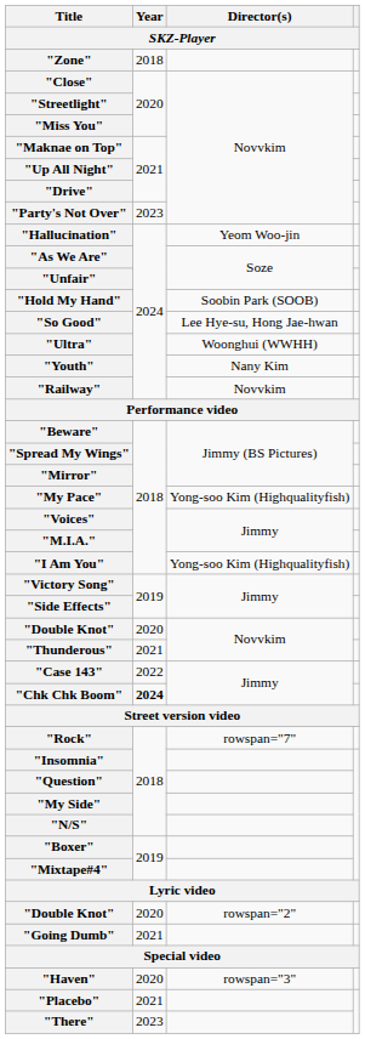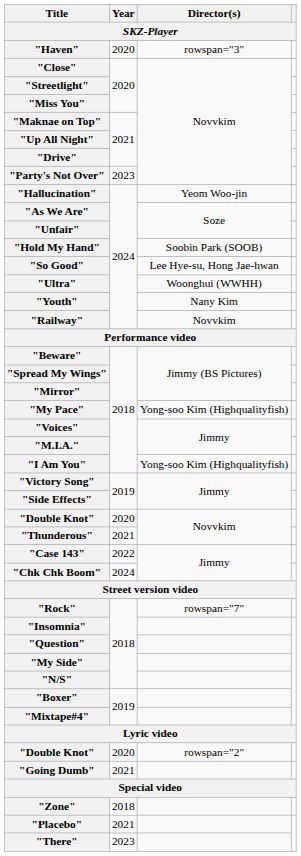 <table class="wikitable plainrowheaders" style="text-align:center">
 <tr>
 <th>Title</th>
 <th>Year</th>
 <th>Director(s)</th>
 <th></th>
 </tr>
 <tr>
 <th colspan="4"><em>SKZ-Player</em></th>
 </tr>
 <tr>
-<th scope="row">"Zone"</th>
-<td>2018</td>
-<td></td>
+<th scope="row">"Haven"</th>
+<td>2020</td>
+<td>rowspan="3" </td>
 <td></td>
 </tr>
 <tr>
 <th scope="row">"Close"</th>
 <td rowspan="3">2020</td>
 <td rowspan="7">Novvkim</td>
 <td></td>
 </tr>
 <tr>
 <th scope="row">"Streetlight"</th>
 <td></td>
 </tr>
 <tr>
 <th scope="row">"Miss You"</th>
 <td></td>
 </tr>
 <tr>
 <th scope="row">"Maknae on Top"</th>
 <td rowspan="3">2021</td>
 <td></td>
 </tr>
 <tr>
 <th scope="row">"Up All Night"</th>
 <td></td>
 </tr>
 <tr>
 <th scope="row">"Drive"</th>
 <td></td>
 </tr>
 <tr>
 <th scope="row">"Party's Not Over"</th>
 <td>2023</td>
 <td></td>
 </tr>
 <tr>
 <th scope="row">"Hallucination"</th>
 <td rowspan="8">2024</td>
 <td>Yeom Woo-jin</td>
 <td></td>
 </tr>
 <tr>
 <th scope="row">"As We Are"</th>
 <td rowspan="2">Soze</td>
 <td></td>
 </tr>
 <tr>
 <th scope="row">"Unfair"</th>
 <td></td>
 </tr>
 <tr>
 <th scope="row">"Hold My Hand"</th>
 <td>Soobin Park (SOOB)</td>
 <td></td>
 </tr>
 <tr>
 <th scope="row">"So Good"</th>
 <td>Lee Hye-su, Hong Jae-hwan</td>
 <td></td>
 </tr>
 <tr>
 <th scope="row">"Ultra"</th>
 <td>Woonghui (WWHH)</td>
 <td></td>
 </tr>
 <tr>
 <th scope="row">"Youth"</th>
 <td>Nany Kim</td>
 <td></td>
 </tr>
 <tr>
 <th scope="row">"Railway"</th>
 <td>Novvkim</td>
 <td></td>
 </tr>
 <tr>
 <th colspan="4">Performance video</th>
 </tr>
 <tr>
 <th scope="row">"Beware"</th>
 <td rowspan="7">2018</td>
 <td rowspan="3">Jimmy (BS Pictures)</td>
 <td></td>
 </tr>
 <tr>
 <th scope="row">"Spread My Wings"</th>
 <td></td>
 </tr>
 <tr>
 <th scope="row">"Mirror"</th>
 <td></td>
 </tr>
 <tr>
 <th scope="row">"My Pace" </th>
 <td>Yong-soo Kim (Highqualityfish)</td>
 <td></td>
 </tr>
 <tr>
 <th scope="row">"Voices"</th>
 <td rowspan="2">Jimmy</td>
 <td></td>
 </tr>
 <tr>
 <th scope="row">"M.I.A."</th>
 <td></td>
 </tr>
 <tr>
 <th scope="row">"I Am You" </th>
 <td>Yong-soo Kim (Highqualityfish)</td>
 <td></td>
 </tr>
 <tr>
 <th scope="row">"Victory Song"</th>
 <td rowspan="2">2019</td>
 <td rowspan="2">Jimmy</td>
 <td></td>
 </tr>
 <tr>
 <th scope="row">"Side Effects" </th>
 <td></td>
 </tr>
 <tr>
 <th scope="row">"Double Knot" </th>
 <td>2020</td>
 <td rowspan="2">Novvkim</td>
 <td></td>
 </tr>
 <tr>
 <th scope="row">"Thunderous" </th>
 <td>2021</td>
 <td></td>
 </tr>
 <tr>
 <th scope="row">"Case 143" </th>
 <td>2022</td>
 <td rowspan="2">Jimmy</td>
 <td></td>
 </tr>
 <tr>
 <th scope="row">"Chk Chk Boom" </th>
-<td><strong>2024</strong></td>
+<td>2024</td>
 <td></td>
 </tr>
 <tr>
 <th colspan="4">Street version video</th>
 </tr>
 <tr>
 <th scope="row">"Rock"</th>
 <td rowspan="5">2018</td>
 <td>rowspan="7" </td>
 <td></td>
 </tr>
 <tr>
 <th scope="row">"Insomnia"</th>
 <td></td>
 </tr>
 <tr>
 <th scope="row">"Question"</th>
 <td></td>
 </tr>
 <tr>
 <th scope="row">"My Side"</th>
 <td></td>
 </tr>
 <tr>
 <th scope="row">"N/S"</th>
 <td></td>
 </tr>
 <tr>
 <th scope="row">"Boxer"</th>
 <td rowspan="2">2019</td>
 <td></td>
 </tr>
 <tr>
 <th scope="row">"Mixtape#4"</th>
 <td></td>
 </tr>
 <tr>
 <th colspan="4">Lyric video</th>
 </tr>
 <tr>
 <th scope="row">"Double Knot" </th>
 <td>2020</td>
 <td>rowspan="2" </td>
 <td></td>
 </tr>
 <tr>
 <th scope="row">"Going Dumb"<br></th>
 <td>2021</td>
 <td></td>
 </tr>
 <tr>
 <th colspan="4">Special video</th>
 </tr>
 <tr>
-<th scope="row">"Haven"</th>
-<td>2020</td>
-<td>rowspan="3" </td>
+<th scope="row">"Zone"</th>
+<td>2018</td>
+<td></td>
 <td></td>
 </tr>
 <tr>
 <th scope="row">"Placebo"</th>
 <td>2021</td>
 <td></td>
 </tr>
 <tr>
 <th scope="row">"There"</th>
 <td>2023</td>
 <td></td>
 </tr>
 </table>
